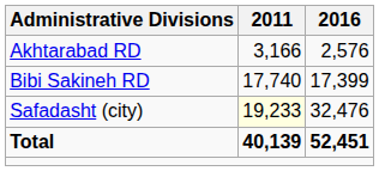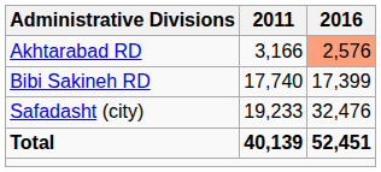 <table class="wikitable">
 <tr>
 <th>Administrative Divisions</th>
 <th>2011</th>
 <th>2016</th>
 </tr>
 <tr>
 <td><a href='#'>Akhtarabad RD</a></td>
 <td style="text-align: right;">3,166</td>
-<td style="text-align: right;">2,576</td>
+<td style="background: lightsalmon; text-align: right;">2,576</td>
 </tr>
 <tr>
 <td><a href='#'>Bibi Sakineh RD</a></td>
 <td style="text-align: right;">17,740</td>
 <td style="text-align: right;">17,399</td>
 </tr>
 <tr>
 <td><a href='#'>Safadasht</a> (city)</td>
-<td style="background: lightyellow; text-align: right;">19,233</td>
+<td style="text-align: right;">19,233</td>
 <td style="text-align: right;">32,476</td>
 </tr>
 <tr>
 <td><strong>Total</strong></td>
 <td style="text-align: right;"><strong>40,139</strong></td>
 <td style="text-align: right;"><strong>52,451</strong></td>
 </tr>
 <tr>
 <td colspan=3></td>
 </tr>
 </table>
